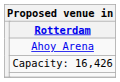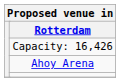 <table class="wikitable" style="text-align:center">
 <tr>
 <th colspan="3">Proposed venue in </th>
 </tr>
 <tr>
 <th rowspan="4" colspan="2"></th>
 <th><a href='#'>Rotterdam</a></th>
 </tr>
 <tr>
-<td><a href='#'>Ahoy Arena</a></td>
+<td>Capacity: 16,426</td>
 </tr>
 <tr>
-<td>Capacity: 16,426</td>
+<td><a href='#'>Ahoy Arena</a></td>
 </tr>
 <tr>
 <td></td>
 </tr>
 <tr>
 </tr>
 </table>
